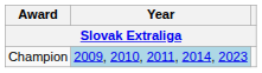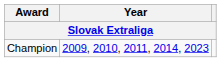 <table class="wikitable">
 <tr>
 <th>Award</th>
 <th>Year</th>
 <th></th>
 </tr>
 <tr>
 <th colspan="3"><a href='#'>Slovak Extraliga</a></th>
 </tr>
 <tr>
 <td>Champion</td>
-<td style="background: lightblue;"><a href='#'>2009</a>, <a href='#'>2010</a>, <a href='#'>2011</a>, <a href='#'>2014</a>, <a href='#'>2023</a></td>
+<td><a href='#'>2009</a>, <a href='#'>2010</a>, <a href='#'>2011</a>, <a href='#'>2014</a>, <a href='#'>2023</a></td>
 <td></td>
 </tr>
 </table>
